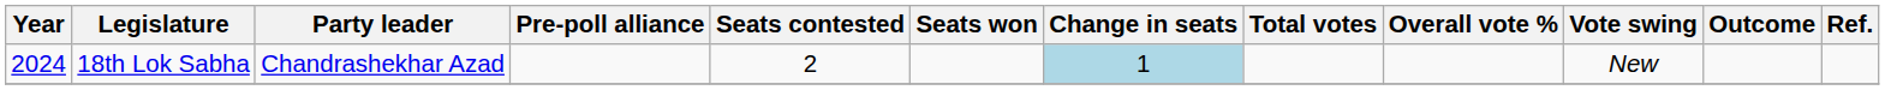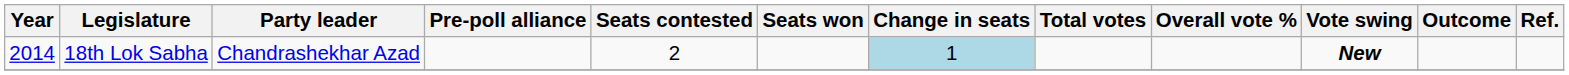 <table class="wikitable sortable">
 <tr>
 <th Style="background-color:">Year</th>
 <th Style="background-color:">Legislature</th>
 <th Style="background-color:">Party leader</th>
 <th Style="background-color:">Pre-poll alliance</th>
 <th Style="background-color:">Seats contested</th>
 <th Style="background-color:">Seats won</th>
 <th Style="background-color:">Change in seats</th>
 <th Style="background-color:">Total votes</th>
 <th Style="background-color:">Overall vote %</th>
 <th Style="background-color:">Vote swing</th>
 <th Style="background-color:">Outcome</th>
 <th Style="background-color:">Ref.</th>
 </tr>
 <tr style="text-align:center;">
-<td><a href='#'>2024</a></td>
+<td><a href='#'>2014</a></td>
 <td><a href='#'>18th Lok Sabha</a></td>
 <td><a href='#'>Chandrashekhar Azad</a></td>
 <td></td>
 <td>2</td>
 <td></td>
 <td style="background: lightblue;"> 1</td>
 <td></td>
 <td></td>
-<td><em>New</em></td>
+<td><strong><em>New</em></strong></td>
 <td></td>
 <td></td>
 </tr>
 <tr style="text-align:center;">
 </tr>
 </table>
